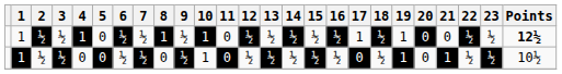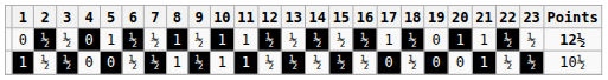 <table class="wikitable" style="text-align:center">
 <tr>
 <th></th>
 <th width=14>1</th>
 <th width=14>2</th>
 <th width=14>3</th>
 <th width=14>4</th>
 <th width=14>5</th>
 <th width=14>6</th>
 <th width=14>7</th>
 <th width=14>8</th>
 <th width=14>9</th>
 <th width=14>10</th>
 <th width=14>11</th>
 <th width=14>12</th>
 <th width=14>13</th>
 <th width=14>14</th>
 <th width=14>15</th>
 <th width=14>16</th>
 <th width=14>17</th>
 <th width=14>18</th>
 <th width=14>19</th>
 <th width=14>20</th>
 <th width=14>21</th>
 <th width=14>22</th>
 <th width=14>23</th>
 <th>Points</th>
 </tr>
 <tr>
 <td align=left></td>
-<td>1</td>
+<td>0</td>
 <td style="background:black; color:white">½</td>
 <td>½</td>
-<td style="background:black; color:white">1</td>
-<td>0</td>
+<td style="background:black; color:white">0</td>
+<td>1</td>
 <td style="background:black; color:white">½</td>
 <td>½</td>
 <td style="background:black; color:white">1</td>
 <td>½</td>
 <td style="background:black; color:white">1</td>
-<td>0</td>
+<td>1</td>
 <td style="background:black; color:white">½</td>
 <td>½</td>
 <td style="background:black; color:white">½</td>
 <td>½</td>
 <td style="background:black; color:white">½</td>
 <td>1</td>
 <td style="background:black; color:white">½</td>
+<td>0</td>
+<td style="background:black; color:white">1</td>
 <td>1</td>
-<td style="background:black; color:white">0</td>
-<td>0</td>
 <td style="background:black; color:white">½</td>
 <td>½</td>
 <td><strong>12½</strong></td>
 </tr>
 <tr>
 <td align=left></td>
 <td style="background:black; color:white">1</td>
 <td>½</td>
 <td style="background:black; color:white">½</td>
 <td>0</td>
 <td style="background:black; color:white">0</td>
 <td>½</td>
 <td style="background:black; color:white">½</td>
-<td>0</td>
+<td>1</td>
 <td style="background:black; color:white">½</td>
 <td>1</td>
-<td style="background:black; color:white">0</td>
+<td style="background:black; color:white">1</td>
 <td>½</td>
 <td style="background:black; color:white">½</td>
 <td>½</td>
 <td style="background:black; color:white">½</td>
 <td>½</td>
 <td style="background:black; color:white">0</td>
 <td>½</td>
-<td style="background:black; color:white">1</td>
+<td style="background:black; color:white">0</td>
 <td>0</td>
 <td style="background:black; color:white">1</td>
 <td>½</td>
 <td style="background:black; color:white">½</td>
 <td>10½</td>
 </tr>
 <tr>
 </tr>
 </table>
